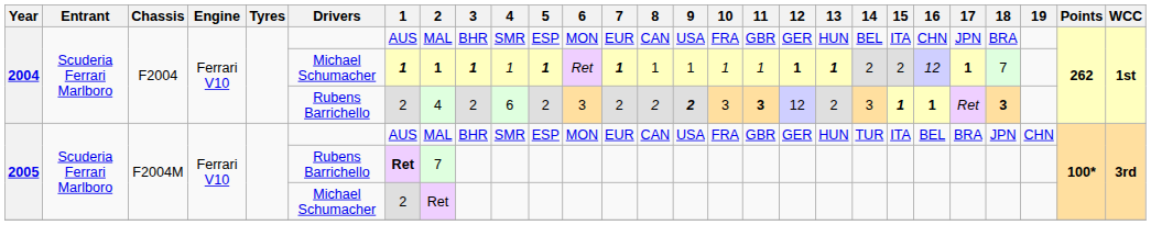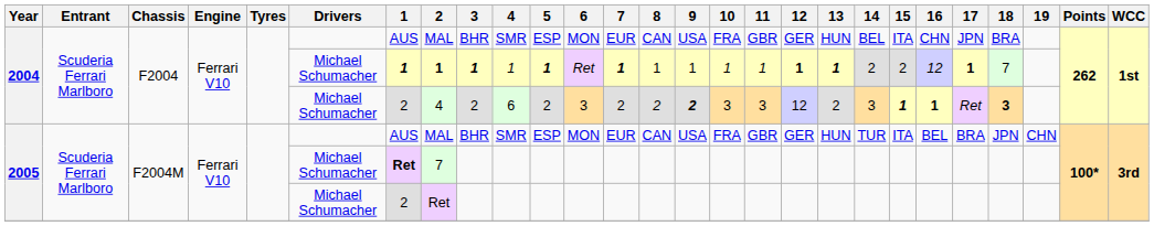 <table class="wikitable" style="text-align:center; font-size:95%">
 <tr>
 <th>Year</th>
 <th>Entrant</th>
 <th>Chassis</th>
 <th>Engine</th>
 <th>Tyres</th>
 <th>Drivers</th>
 <th>1</th>
 <th>2</th>
 <th>3</th>
 <th>4</th>
 <th>5</th>
 <th>6</th>
 <th>7</th>
 <th>8</th>
 <th>9</th>
 <th>10</th>
 <th>11</th>
 <th>12</th>
 <th>13</th>
 <th>14</th>
 <th>15</th>
 <th>16</th>
 <th>17</th>
 <th>18</th>
 <th>19</th>
 <th>Points</th>
 <th>WCC</th>
 </tr>
 <tr>
 <th rowspan="3"><a href='#'>2004</a></th>
 <td rowspan="3"><a href='#'>Scuderia Ferrari</a> <a href='#'>Marlboro</a></td>
 <td rowspan="3">F2004</td>
 <td rowspan="3">Ferrari <a href='#'>V10</a></td>
 <td rowspan="3"></td>
 <td></td>
 <td><a href='#'>AUS</a></td>
 <td><a href='#'>MAL</a></td>
 <td><a href='#'>BHR</a></td>
 <td><a href='#'>SMR</a></td>
 <td><a href='#'>ESP</a></td>
 <td><a href='#'>MON</a></td>
 <td><a href='#'>EUR</a></td>
 <td><a href='#'>CAN</a></td>
 <td><a href='#'>USA</a></td>
 <td><a href='#'>FRA</a></td>
 <td><a href='#'>GBR</a></td>
 <td><a href='#'>GER</a></td>
 <td><a href='#'>HUN</a></td>
 <td><a href='#'>BEL</a></td>
 <td><a href='#'>ITA</a></td>
 <td><a href='#'>CHN</a></td>
 <td><a href='#'>JPN</a></td>
 <td><a href='#'>BRA</a></td>
 <td></td>
 <td style="background:#FFFFBF;" rowspan="3"><strong>262</strong></td>
 <td style="background:#FFFFBF;" rowspan="3"><strong>1st</strong></td>
 </tr>
 <tr>
 <td><a href='#'>Michael Schumacher</a></td>
 <td style="background:#FFFFBF;"><strong><em>1</em></strong></td>
 <td style="background:#FFFFBF;"><strong>1</strong></td>
 <td style="background:#FFFFBF;"><strong><em>1</em></strong></td>
 <td style="background:#FFFFBF;"><em>1</em></td>
 <td style="background:#FFFFBF;"><strong><em>1</em></strong></td>
 <td style="background:#EFCFFF;"><em>Ret</em></td>
 <td style="background:#FFFFBF;"><strong><em>1</em></strong></td>
 <td style="background:#FFFFBF;">1</td>
 <td style="background:#FFFFBF;">1</td>
 <td style="background:#FFFFBF;"><em>1</em></td>
 <td style="background:#FFFFBF;"><em>1</em></td>
 <td style="background:#FFFFBF;"><strong>1</strong></td>
 <td style="background:#FFFFBF;"><strong><em>1</em></strong></td>
 <td style="background:#DFDFDF;">2</td>
 <td style="background:#DFDFDF;">2</td>
 <td style="background:#CFCFFF;"><em>12</em></td>
 <td style="background:#FFFFBF;"><strong>1</strong></td>
 <td style="background:#DFFFDF;">7</td>
 <td></td>
 </tr>
 <tr>
-<td><a href='#'>Rubens Barrichello</a></td>
+<td><a href='#'>Michael Schumacher</a></td>
 <td style="background:#DFDFDF;">2</td>
 <td style="background:#DFFFDF;">4</td>
 <td style="background:#DFDFDF;">2</td>
 <td style="background:#DFFFDF;">6</td>
 <td style="background:#DFDFDF;">2</td>
 <td style="background:#FFDF9F;">3</td>
 <td style="background:#DFDFDF;">2</td>
 <td style="background:#DFDFDF;"><em>2</em></td>
 <td style="background:#DFDFDF;"><strong><em>2</em></strong></td>
 <td style="background:#FFDF9F;">3</td>
-<td style="background:#FFDF9F;"><strong>3</strong></td>
+<td style="background:#FFDF9F;">3</td>
 <td style="background:#CFCFFF;">12</td>
 <td style="background:#DFDFDF;">2</td>
 <td style="background:#FFDF9F;">3</td>
 <td style="background:#FFFFBF;"><strong><em>1</em></strong></td>
 <td style="background:#FFFFBF;"><strong>1</strong></td>
 <td style="background:#EFCFFF;"><em>Ret</em></td>
 <td style="background:#FFDF9F;"><strong>3</strong></td>
 <td></td>
 </tr>
 <tr>
 <th rowspan="3"><a href='#'>2005</a></th>
 <td rowspan="3"><a href='#'>Scuderia Ferrari</a> <a href='#'>Marlboro</a></td>
 <td rowspan="3">F2004M</td>
 <td rowspan="3">Ferrari <a href='#'>V10</a></td>
 <td rowspan="3"></td>
 <td></td>
 <td><a href='#'>AUS</a></td>
 <td><a href='#'>MAL</a></td>
 <td><a href='#'>BHR</a></td>
 <td><a href='#'>SMR</a></td>
 <td><a href='#'>ESP</a></td>
 <td><a href='#'>MON</a></td>
 <td><a href='#'>EUR</a></td>
 <td><a href='#'>CAN</a></td>
 <td><a href='#'>USA</a></td>
 <td><a href='#'>FRA</a></td>
 <td><a href='#'>GBR</a></td>
 <td><a href='#'>GER</a></td>
 <td><a href='#'>HUN</a></td>
 <td><a href='#'>TUR</a></td>
 <td><a href='#'>ITA</a></td>
 <td><a href='#'>BEL</a></td>
 <td><a href='#'>BRA</a></td>
 <td><a href='#'>JPN</a></td>
 <td><a href='#'>CHN</a></td>
 <td style="background:#FFDF9F;" rowspan="3"><strong>100*</strong></td>
 <td style="background:#FFDF9F;" rowspan="3"><strong>3rd</strong></td>
 </tr>
 <tr>
-<td><a href='#'>Rubens Barrichello</a></td>
+<td><a href='#'>Michael Schumacher</a></td>
 <td style="background:#EFCFFF;"><strong>Ret</strong></td>
 <td style="background:#DFFFDF;">7</td>
 <td></td>
 <td></td>
 <td></td>
 <td></td>
 <td></td>
 <td></td>
 <td></td>
 <td></td>
 <td></td>
 <td></td>
 <td></td>
 <td></td>
 <td></td>
 <td></td>
 <td></td>
 <td></td>
 <td></td>
 </tr>
 <tr>
 <td><a href='#'>Michael Schumacher</a></td>
 <td style="background:#DFDFDF;">2</td>
 <td style="background:#EFCFFF;">Ret</td>
 <td></td>
 <td></td>
 <td></td>
 <td></td>
 <td></td>
 <td></td>
 <td></td>
 <td></td>
 <td></td>
 <td></td>
 <td></td>
 <td></td>
 <td></td>
 <td></td>
 <td></td>
 <td></td>
 <td></td>
 </tr>
 <tr>
 </tr>
 </table>
